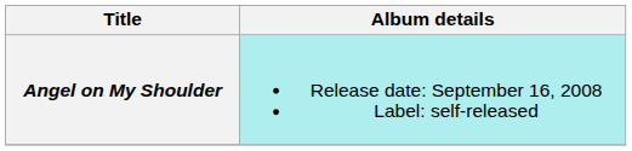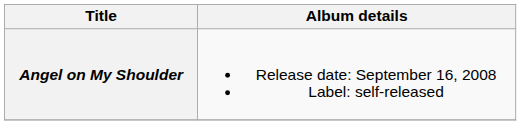 <table class="wikitable plainrowheaders" style="text-align:center;">
 <tr>
 <th style="width:12em;">Title</th>
 <th style="width:20em;">Album details</th>
 </tr>
 <tr>
 <th scope="row"><em>Angel on My Shoulder</em></th>
-<td style="background: paleturquoise;"><br><ul><li>Release date: September 16, 2008</li><li>Label: self-released</li></ul></td>
+<td><br><ul><li>Release date: September 16, 2008</li><li>Label: self-released</li></ul></td>
 </tr>
 <tr>
 </tr>
 </table>
